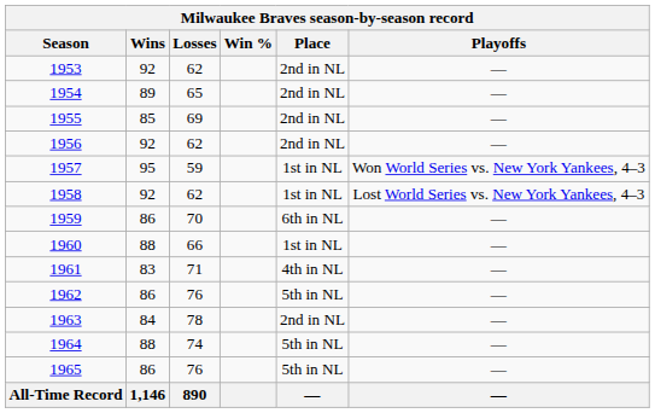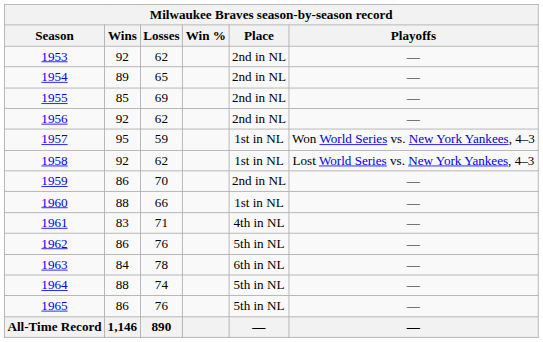 <table class="wikitable" style="text-align:center">
 <tr>
 <th colspan="6">Milwaukee Braves season-by-season record</th>
 </tr>
 <tr>
 <th>Season</th>
 <th>Wins</th>
 <th>Losses</th>
 <th>Win %</th>
 <th>Place</th>
 <th>Playoffs</th>
 </tr>
 <tr>
 <td><a href='#'>1953</a></td>
 <td>92</td>
 <td>62</td>
 <td></td>
 <td>2nd in NL</td>
 <td>—</td>
 </tr>
 <tr>
 <td><a href='#'>1954</a></td>
 <td>89</td>
 <td>65</td>
 <td></td>
 <td>2nd in NL</td>
 <td>—</td>
 </tr>
 <tr>
 <td><a href='#'>1955</a></td>
 <td>85</td>
 <td>69</td>
 <td></td>
 <td>2nd in NL</td>
 <td>—</td>
 </tr>
 <tr>
 <td><a href='#'>1956</a></td>
 <td>92</td>
 <td>62</td>
 <td></td>
 <td>2nd in NL</td>
 <td>—</td>
 </tr>
 <tr>
 <td><a href='#'>1957</a></td>
 <td>95</td>
 <td>59</td>
 <td></td>
 <td>1st in NL</td>
 <td>Won <a href='#'>World Series</a> vs. <a href='#'>New York Yankees</a>, 4–3</td>
 </tr>
 <tr>
 <td><a href='#'>1958</a></td>
 <td>92</td>
 <td>62</td>
 <td></td>
 <td>1st in NL</td>
 <td>Lost <a href='#'>World Series</a> vs. <a href='#'>New York Yankees</a>, 4–3</td>
 </tr>
 <tr>
 <td><a href='#'>1959</a></td>
 <td>86</td>
 <td>70</td>
 <td></td>
-<td>6th in NL</td>
+<td>2nd in NL</td>
 <td>—</td>
 </tr>
 <tr>
 <td><a href='#'>1960</a></td>
 <td>88</td>
 <td>66</td>
 <td></td>
 <td>1st in NL</td>
 <td>—</td>
 </tr>
 <tr>
 <td><a href='#'>1961</a></td>
 <td>83</td>
 <td>71</td>
 <td></td>
 <td>4th in NL</td>
 <td>—</td>
 </tr>
 <tr>
 <td><a href='#'>1962</a></td>
 <td>86</td>
 <td>76</td>
 <td></td>
 <td>5th in NL</td>
 <td>—</td>
 </tr>
 <tr>
 <td><a href='#'>1963</a></td>
 <td>84</td>
 <td>78</td>
 <td></td>
-<td>2nd in NL</td>
+<td>6th in NL</td>
 <td>—</td>
 </tr>
 <tr>
 <td><a href='#'>1964</a></td>
 <td>88</td>
 <td>74</td>
 <td></td>
 <td>5th in NL</td>
 <td>—</td>
 </tr>
 <tr>
 <td><a href='#'>1965</a></td>
 <td>86</td>
 <td>76</td>
 <td></td>
 <td>5th in NL</td>
 <td>—</td>
 </tr>
 <tr>
 <th><strong>All-Time Record</strong></th>
 <th><strong>1,146</strong></th>
 <th><strong>890</strong></th>
 <th><strong></strong></th>
 <th>—</th>
 <th>—</th>
 </tr>
 </table>
